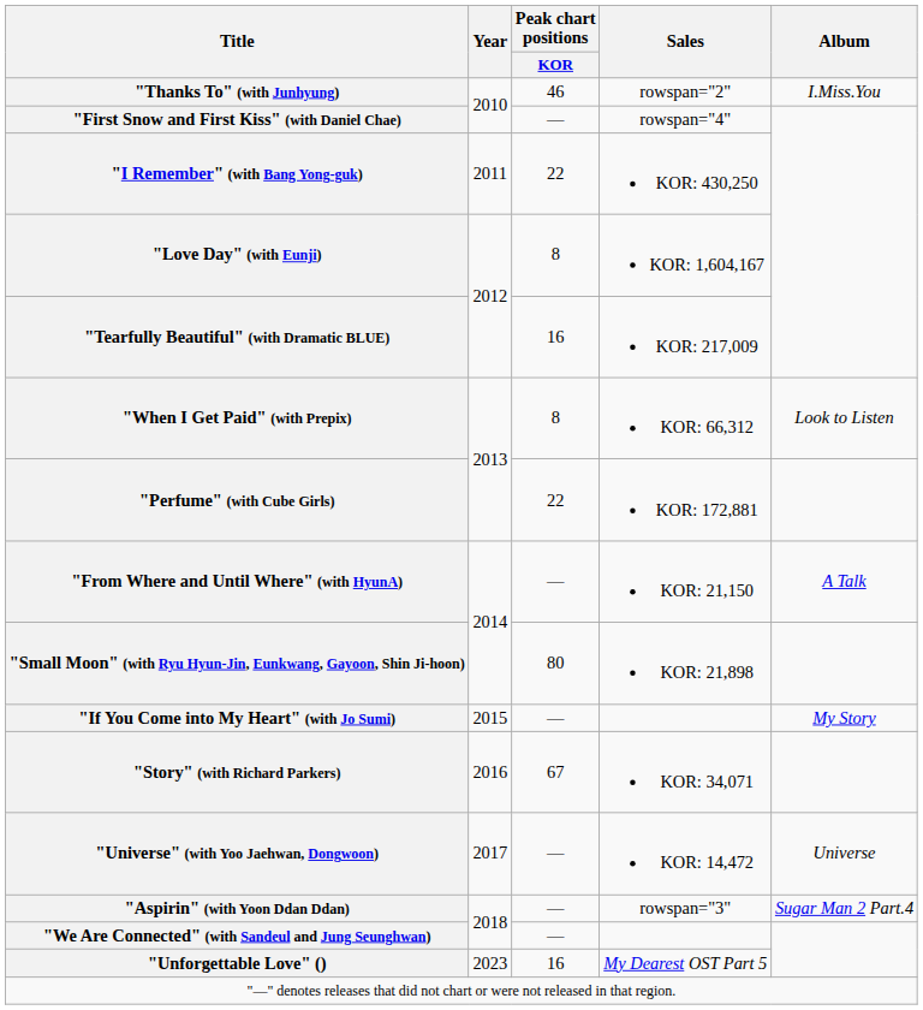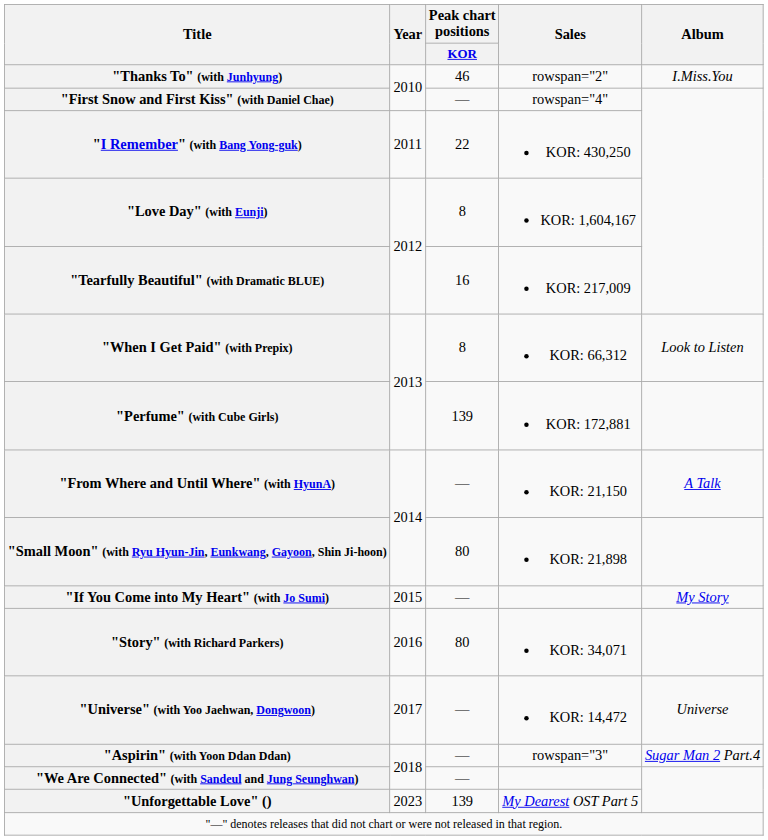 <table class="wikitable plainrowheaders" style="text-align:center;">
 <tr>
 <th rowspan="2" scope="col">Title</th>
 <th rowspan="2" scope="col">Year</th>
 <th scope="col">Peak chart <br> positions</th>
 <th rowspan="2" scope="col">Sales</th>
 <th rowspan="2" scope="col">Album</th>
 </tr>
 <tr>
 <th style="width=3em;font-size:90%"><a href='#'>KOR</a><br></th>
 </tr>
 <tr>
 <th scope="row">"Thanks To" <small>(with <a href='#'>Junhyung</a>)</small></th>
 <td rowspan="2">2010</td>
 <td>46</td>
 <td>rowspan="2" </td>
 <td><em>I.Miss.You</em></td>
 </tr>
 <tr>
 <th scope="row">"First Snow and First Kiss" <small>(with Daniel Chae)</small></th>
 <td>—</td>
 <td>rowspan="4" </td>
 </tr>
 <tr>
 <th scope="row">"<a href='#'>I Remember</a>" <small>(with <a href='#'>Bang Yong-guk</a>)</small></th>
 <td>2011</td>
 <td>22</td>
 <td><br><ul><li>KOR: 430,250</li></ul></td>
 </tr>
 <tr>
 <th scope="row">"Love Day" <small>(with <a href='#'>Eunji</a>)</small></th>
 <td rowspan="2">2012</td>
 <td>8</td>
 <td><br><ul><li>KOR: 1,604,167</li></ul></td>
 </tr>
 <tr>
 <th scope="row">"Tearfully Beautiful" <small>(with Dramatic BLUE)</small></th>
 <td>16</td>
 <td><br><ul><li>KOR: 217,009</li></ul></td>
 </tr>
 <tr>
 <th scope="row">"When I Get Paid" <small>(with Prepix)</small></th>
 <td rowspan="2">2013</td>
 <td>8</td>
 <td><br><ul><li>KOR: 66,312</li></ul></td>
 <td><em>Look to Listen</em></td>
 </tr>
 <tr>
 <th scope="row">"Perfume" <small>(with Cube Girls)</small></th>
-<td>22</td>
+<td>139</td>
 <td><br><ul><li>KOR: 172,881</li></ul></td>
 <td></td>
 </tr>
 <tr>
 <th scope="row">"From Where and Until Where" <small>(with <a href='#'>HyunA</a>)</small></th>
 <td rowspan="2">2014</td>
 <td>—</td>
 <td><br><ul><li>KOR: 21,150</li></ul></td>
 <td><em><a href='#'>A Talk</a></em></td>
 </tr>
 <tr>
 <th scope="row">"Small Moon" <small>(with <a href='#'>Ryu Hyun-Jin</a>, <a href='#'>Eunkwang</a>, <a href='#'>Gayoon</a>, Shin Ji-hoon)</small></th>
 <td>80</td>
 <td><br><ul><li>KOR: 21,898</li></ul></td>
 <td></td>
 </tr>
 <tr>
 <th scope="row">"If You Come into My Heart" <small>(with <a href='#'>Jo Sumi</a>)</small></th>
 <td>2015</td>
 <td>—</td>
 <td></td>
 <td><a href='#'><em>My Story</em></a></td>
 </tr>
 <tr>
 <th scope="row">"Story" <small>(with Richard Parkers)</small></th>
 <td>2016</td>
-<td>67</td>
+<td>80</td>
 <td><br><ul><li>KOR: 34,071</li></ul></td>
 <td></td>
 </tr>
 <tr>
 <th scope="row">"Universe" <small>(with Yoo Jaehwan, <a href='#'>Dongwoon</a>)</small></th>
 <td>2017</td>
 <td>—</td>
 <td><br><ul><li>KOR: 14,472</li></ul></td>
 <td><em>Universe</em></td>
 </tr>
 <tr>
 <th scope="row">"Aspirin" <small>(with Yoon Ddan Ddan)</small></th>
 <td rowspan="2">2018</td>
 <td>—</td>
 <td>rowspan="3" </td>
 <td><em><a href='#'>Sugar Man 2</a> Part.4</em></td>
 </tr>
 <tr>
 <th scope="row">"We Are Connected" <small>(with <a href='#'>Sandeul</a> and <a href='#'>Jung Seunghwan</a>)</small></th>
 <td>—</td>
 <td></td>
 </tr>
 <tr>
 <th scope="row">"Unforgettable Love" ()</th>
 <td>2023</td>
-<td>16</td>
+<td>139</td>
 <td><em><a href='#'>My Dearest</a> OST Part 5</em></td>
 </tr>
 <tr>
 <td colspan="5"><small>"—" denotes releases that did not chart or were not released in that region.</small></td>
 </tr>
 </table>
